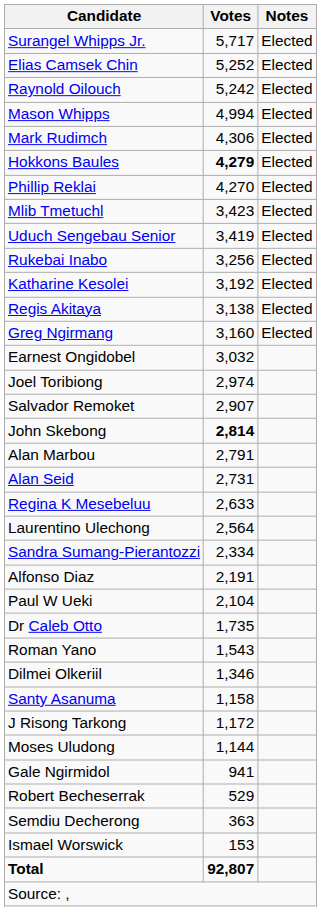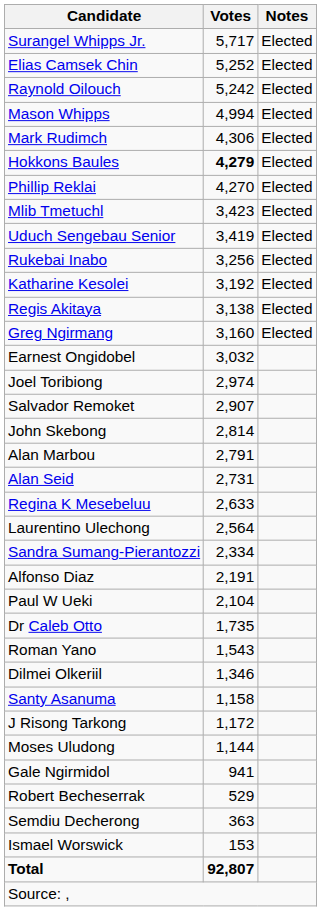 <table class=wikitable style=text-align:right>
 <tr>
 <th>Candidate</th>
 <th>Votes</th>
 <th>Notes</th>
 </tr>
 <tr>
 <td align=left><a href='#'>Surangel Whipps Jr.</a></td>
 <td>5,717</td>
 <td align=left>Elected</td>
 </tr>
 <tr>
 <td align=left><a href='#'>Elias Camsek Chin</a></td>
 <td>5,252</td>
 <td align=left>Elected</td>
 </tr>
 <tr>
 <td align=left><a href='#'>Raynold Oilouch</a></td>
 <td>5,242</td>
 <td align=left>Elected</td>
 </tr>
 <tr>
 <td align=left><a href='#'>Mason Whipps</a></td>
 <td>4,994</td>
 <td align=left>Elected</td>
 </tr>
 <tr>
 <td align=left><a href='#'>Mark Rudimch</a></td>
 <td>4,306</td>
 <td align=left>Elected</td>
 </tr>
 <tr>
 <td align=left><a href='#'>Hokkons Baules</a></td>
 <td><strong>4,279</strong></td>
 <td align=left>Elected</td>
 </tr>
 <tr>
 <td align=left><a href='#'>Phillip Reklai</a></td>
 <td>4,270</td>
 <td align=left>Elected</td>
 </tr>
 <tr>
 <td align=left><a href='#'>Mlib Tmetuchl</a></td>
 <td>3,423</td>
 <td align=left>Elected</td>
 </tr>
 <tr>
 <td align=left><a href='#'>Uduch Sengebau Senior</a></td>
 <td>3,419</td>
 <td align=left>Elected</td>
 </tr>
 <tr>
 <td align=left><a href='#'>Rukebai Inabo</a></td>
 <td>3,256</td>
 <td align=left>Elected</td>
 </tr>
 <tr>
 <td align=left><a href='#'>Katharine Kesolei</a></td>
 <td>3,192</td>
 <td align=left>Elected</td>
 </tr>
 <tr>
 <td align=left><a href='#'>Regis Akitaya</a></td>
 <td>3,138</td>
 <td align=left>Elected</td>
 </tr>
 <tr>
 <td align=left><a href='#'>Greg Ngirmang</a></td>
 <td>3,160</td>
 <td align=left>Elected</td>
 </tr>
 <tr>
 <td align=left>Earnest Ongidobel</td>
 <td>3,032</td>
 <td></td>
 </tr>
 <tr>
 <td align=left>Joel Toribiong</td>
 <td>2,974</td>
 <td></td>
 </tr>
 <tr>
 <td align=left>Salvador Remoket</td>
 <td>2,907</td>
 <td></td>
 </tr>
 <tr>
 <td align=left>John Skebong</td>
-<td><strong>2,814</strong></td>
+<td>2,814</td>
 <td></td>
 </tr>
 <tr>
 <td align=left>Alan Marbou</td>
 <td>2,791</td>
 <td></td>
 </tr>
 <tr>
 <td align=left><a href='#'>Alan Seid</a></td>
 <td>2,731</td>
 <td></td>
 </tr>
 <tr>
 <td align=left><a href='#'>Regina K Mesebeluu</a></td>
 <td>2,633</td>
 <td></td>
 </tr>
 <tr>
 <td align=left>Laurentino Ulechong</td>
 <td>2,564</td>
 <td></td>
 </tr>
 <tr>
 <td align=left><a href='#'>Sandra Sumang-Pierantozzi</a></td>
 <td>2,334</td>
 <td></td>
 </tr>
 <tr>
 <td align=left>Alfonso Diaz</td>
 <td>2,191</td>
 <td></td>
 </tr>
 <tr>
 <td align=left>Paul W Ueki</td>
 <td>2,104</td>
 <td></td>
 </tr>
 <tr>
 <td align=left>Dr <a href='#'>Caleb Otto</a></td>
 <td>1,735</td>
 <td></td>
 </tr>
 <tr>
 <td align=left>Roman Yano</td>
 <td>1,543</td>
 <td></td>
 </tr>
 <tr>
 <td align=left>Dilmei Olkeriil</td>
 <td>1,346</td>
 <td></td>
 </tr>
 <tr>
 <td align=left><a href='#'>Santy Asanuma</a></td>
 <td>1,158</td>
 <td></td>
 </tr>
 <tr>
 <td align=left>J Risong Tarkong</td>
 <td>1,172</td>
 <td></td>
 </tr>
 <tr>
 <td align=left>Moses Uludong</td>
 <td>1,144</td>
 <td></td>
 </tr>
 <tr>
 <td align=left>Gale Ngirmidol</td>
 <td>941</td>
 <td></td>
 </tr>
 <tr>
 <td align=left>Robert Becheserrak</td>
 <td>529</td>
 <td></td>
 </tr>
 <tr>
 <td align=left>Semdiu Decherong</td>
 <td>363</td>
 <td></td>
 </tr>
 <tr>
 <td align=left>Ismael Worswick</td>
 <td>153</td>
 <td></td>
 </tr>
 <tr>
 <td align=left><strong>Total</strong></td>
 <td><strong>92,807</strong></td>
 <td></td>
 </tr>
 <tr>
 <td align=left colspan=3>Source: , </td>
 </tr>
 </table>
